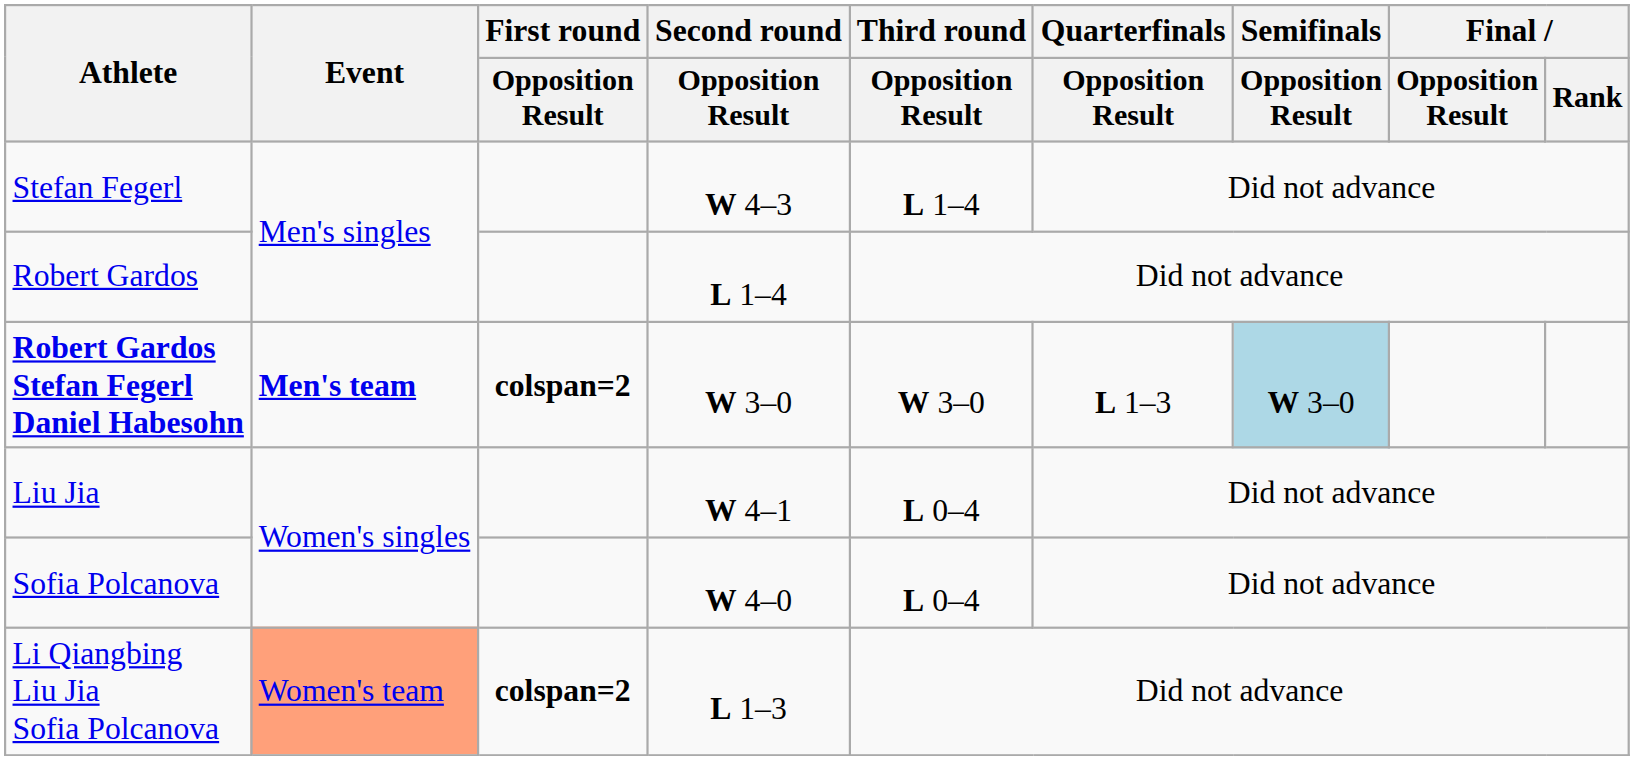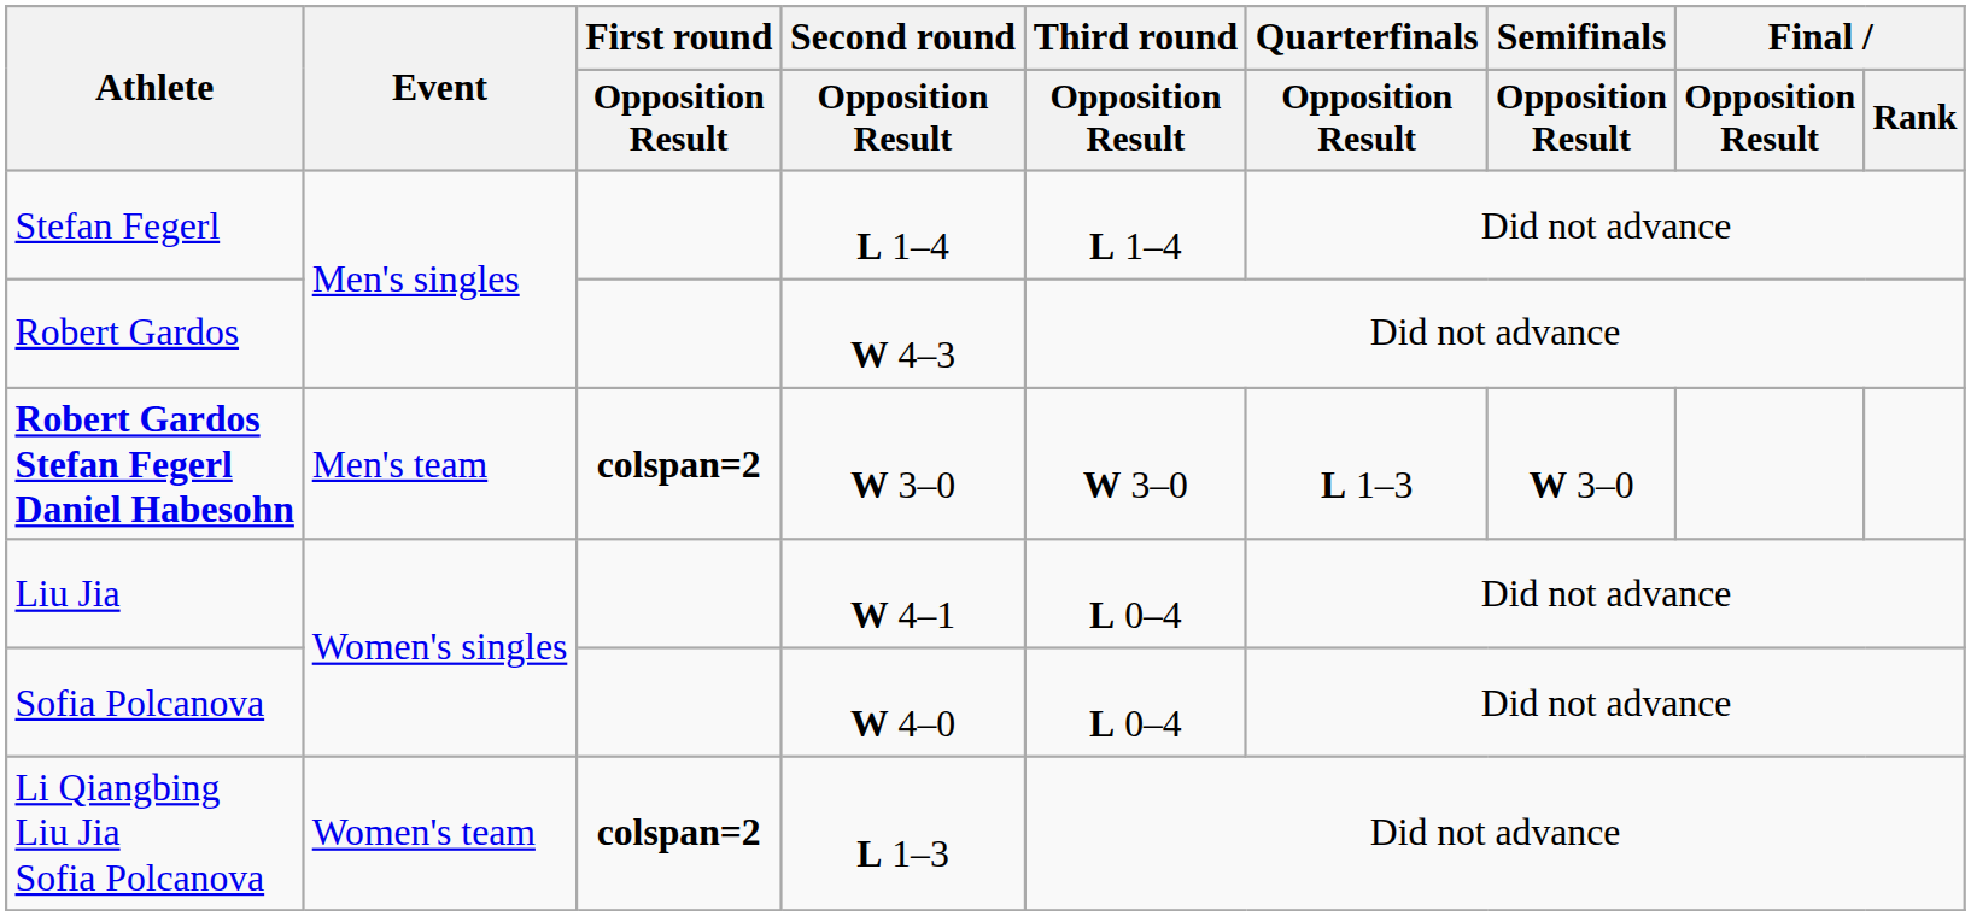 <table class="wikitable" style="font-size:90%">
 <tr>
 <th rowspan="2">Athlete</th>
 <th rowspan="2">Event</th>
 <th>First round</th>
 <th>Second round</th>
 <th>Third round</th>
 <th>Quarterfinals</th>
 <th>Semifinals</th>
 <th colspan=2>Final / </th>
 </tr>
 <tr style="font-size:95%">
 <th>Opposition<br>Result</th>
 <th>Opposition<br>Result</th>
 <th>Opposition<br>Result</th>
 <th>Opposition<br>Result</th>
 <th>Opposition<br>Result</th>
 <th>Opposition<br>Result</th>
 <th>Rank</th>
 </tr>
 <tr align=center>
 <td align=left><a href='#'>Stefan Fegerl</a></td>
 <td align=left rowspan=2><a href='#'>Men's singles</a></td>
 <td></td>
-<td><br><strong>W</strong> 4–3</td>
+<td><br><strong>L</strong> 1–4</td>
 <td><br><strong>L</strong> 1–4</td>
 <td colspan=5>Did not advance</td>
 </tr>
 <tr align=center>
 <td align=left><a href='#'>Robert Gardos</a></td>
 <td></td>
-<td><br><strong>L</strong> 1–4</td>
+<td><br><strong>W</strong> 4–3</td>
 <td colspan=6>Did not advance</td>
 </tr>
 <tr align=center>
 <td align=left><strong><a href='#'>Robert Gardos</a><br><a href='#'>Stefan Fegerl</a><br><a href='#'>Daniel Habesohn</a></strong></td>
-<td align=left><strong><a href='#'>Men's team</a></strong></td>
+<td align=left><a href='#'>Men's team</a></td>
 <td><strong>colspan=2 </strong></td>
 <td><br><strong>W</strong> 3–0</td>
 <td><br><strong>W</strong> 3–0</td>
 <td><br><strong>L</strong> 1–3</td>
-<td style="background: lightblue;"><br><strong>W</strong> 3–0</td>
+<td><br><strong>W</strong> 3–0</td>
 <td></td>
 </tr>
 <tr align=center>
 <td align=left><a href='#'>Liu Jia</a></td>
 <td align=left rowspan=2><a href='#'>Women's singles</a></td>
 <td></td>
 <td><br><strong>W</strong> 4–1</td>
 <td><br><strong>L</strong> 0–4</td>
 <td colspan=5>Did not advance</td>
 </tr>
 <tr align=center>
 <td align=left><a href='#'>Sofia Polcanova</a></td>
 <td></td>
 <td><br><strong>W</strong> 4–0</td>
 <td><br><strong>L</strong> 0–4</td>
 <td colspan=5>Did not advance</td>
 </tr>
 <tr align=center>
 <td align=left><a href='#'>Li Qiangbing</a><br><a href='#'>Liu Jia</a><br><a href='#'>Sofia Polcanova</a></td>
-<td align=left style="background: lightsalmon;"><a href='#'>Women's team</a></td>
+<td align=left><a href='#'>Women's team</a></td>
 <td><strong>colspan=2 </strong></td>
 <td><br><strong>L</strong> 1–3</td>
 <td colspan=5>Did not advance</td>
 </tr>
 </table>
